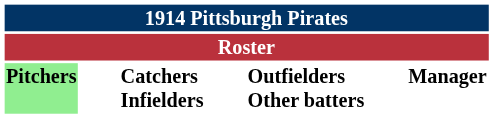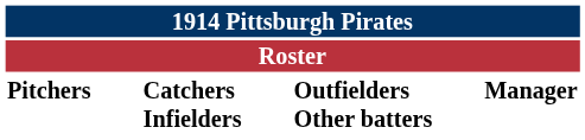 <table class="toccolours" style="font-size: 95%;">
 <tr>
 <th colspan="10" style="background-color: #023465; color: white; text-align: center;">1914 Pittsburgh Pirates</th>
 </tr>
 <tr>
 <td colspan="10" style="background-color: #ba313c; color: white; text-align: center;"><strong>Roster</strong></td>
 </tr>
 <tr>
-<td valign="top" style="background: lightgreen;"><strong>Pitchers</strong><br>          </td>
+<td valign="top"><strong>Pitchers</strong><br>          </td>
 <td width="25px"></td>
 <td valign="top"><strong>Catchers</strong><br>        <strong>Infielders</strong>          </td>
 <td width="25px"></td>
 <td valign="top"><strong>Outfielders</strong><br>         <strong>Other batters</strong>   </td>
 <td width="25px"></td>
 <td valign="top"><strong>Manager</strong><br></td>
 </tr>
 </table>
